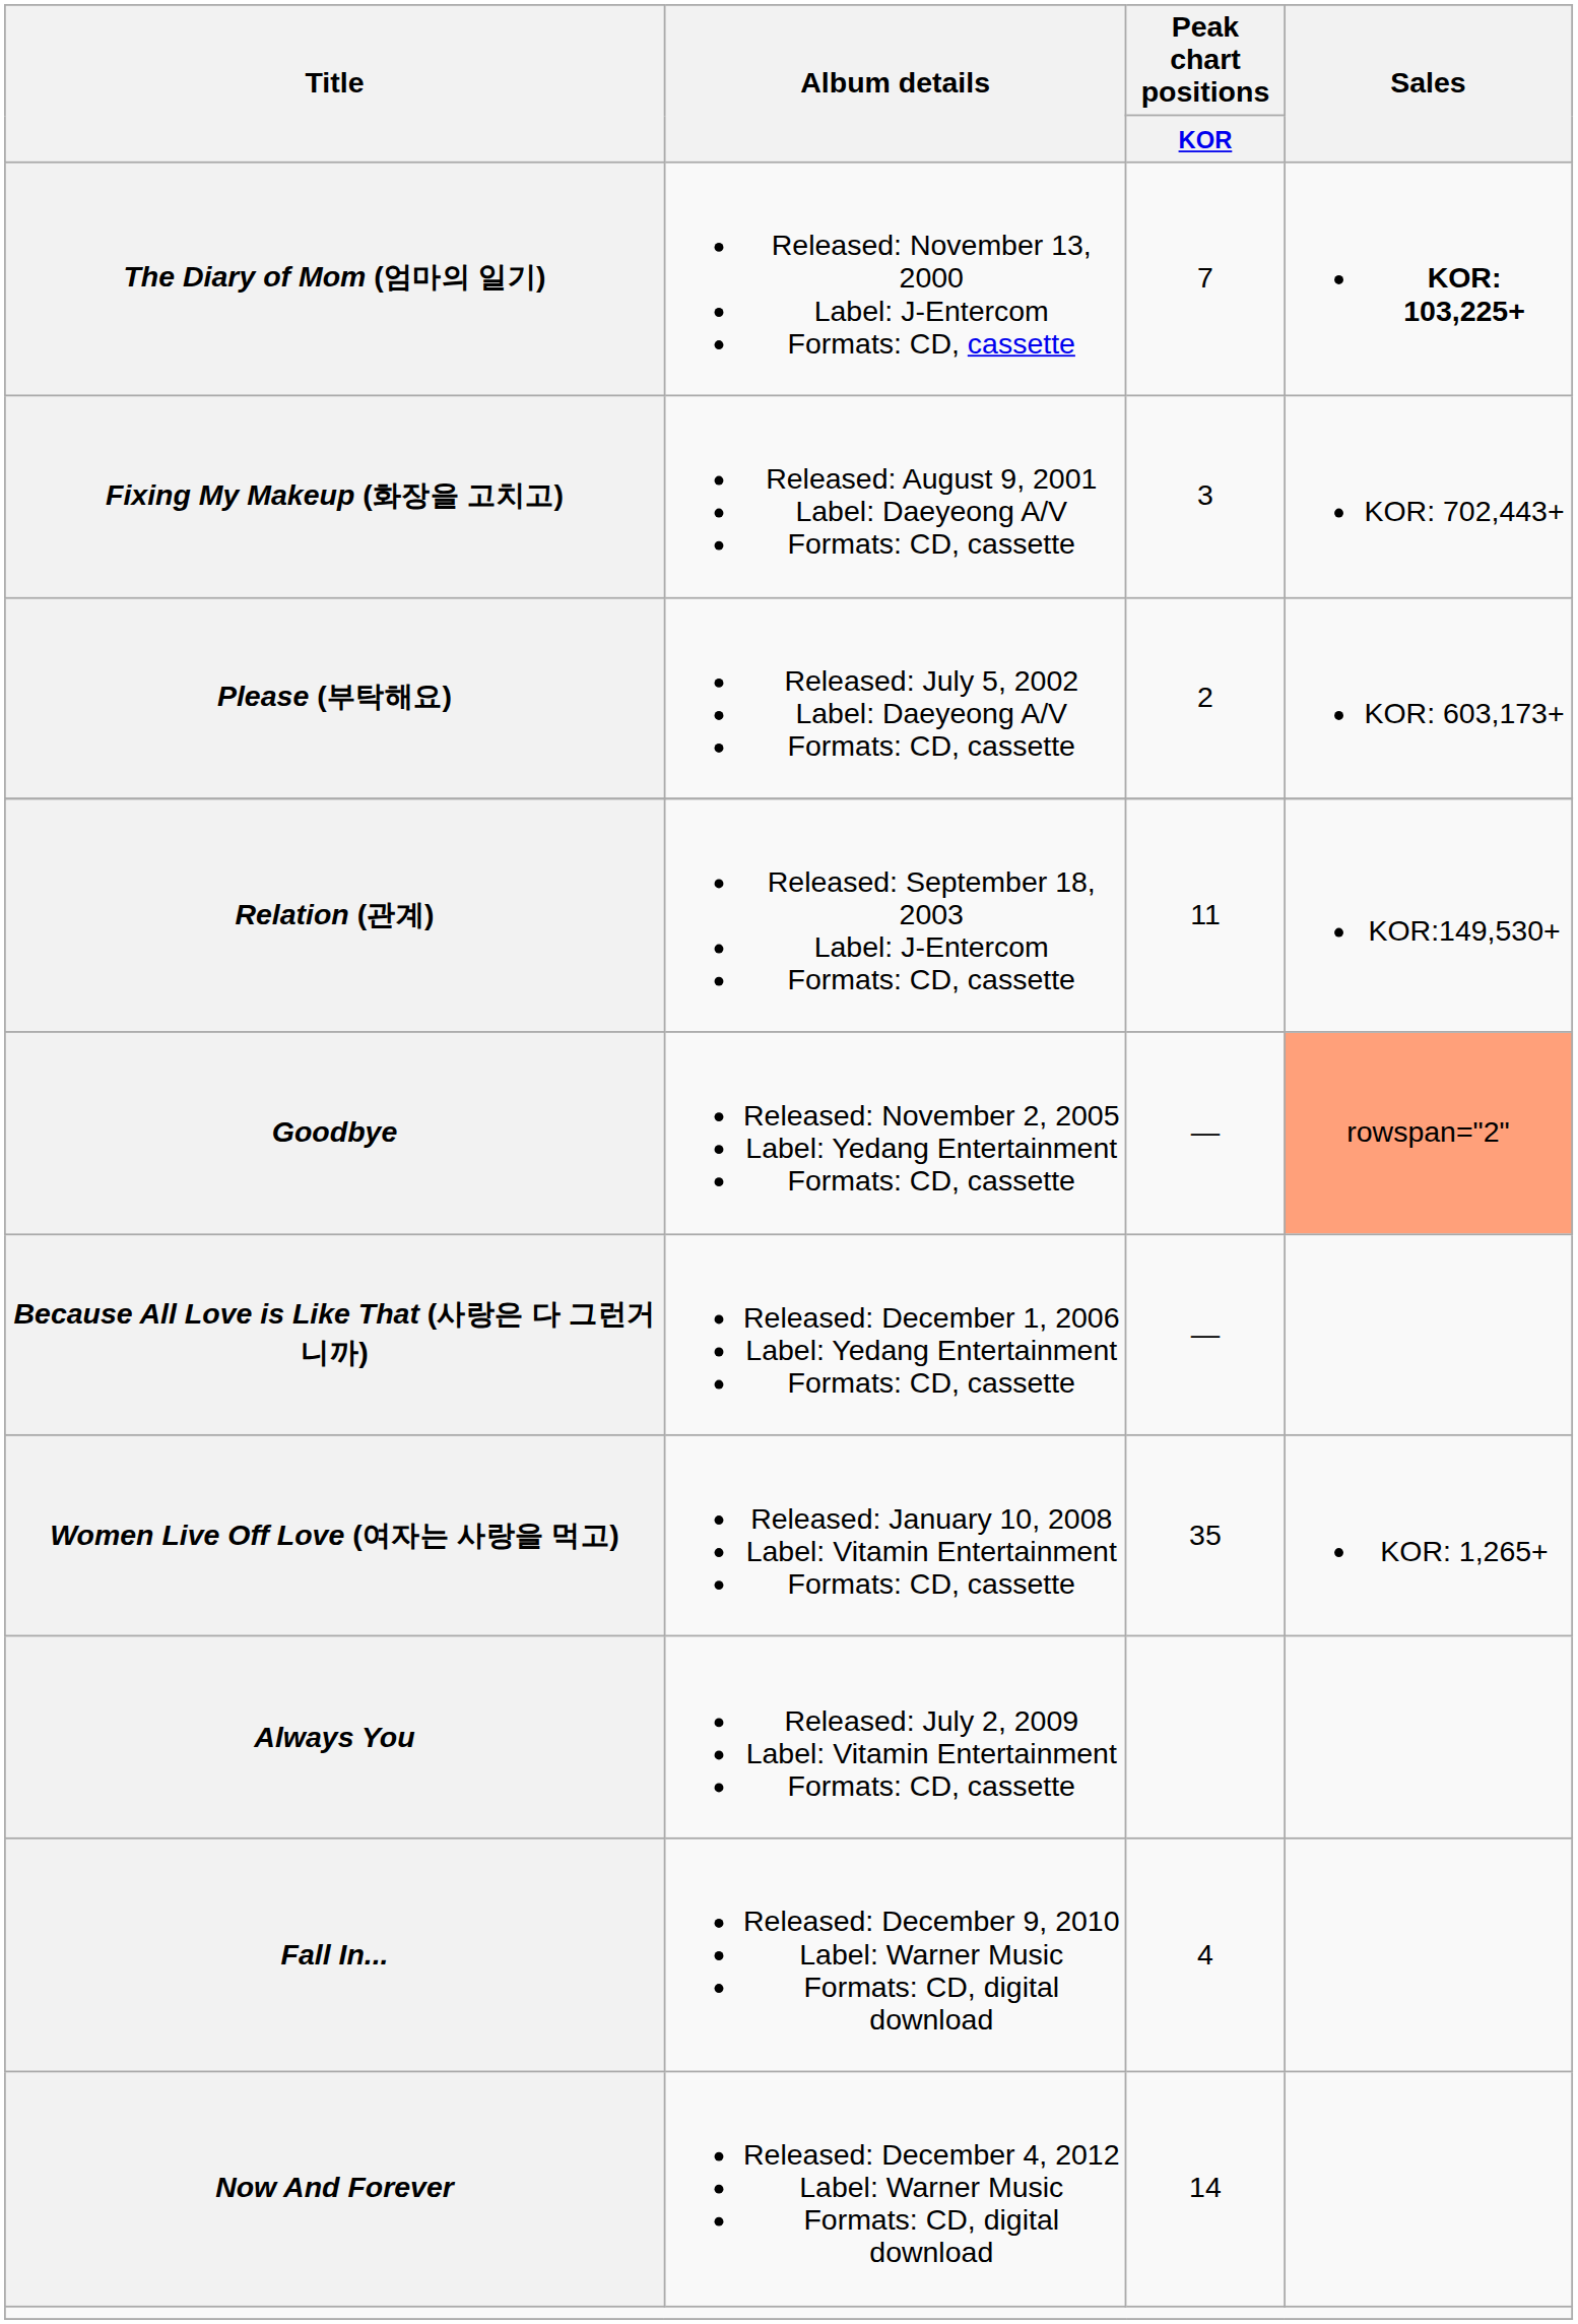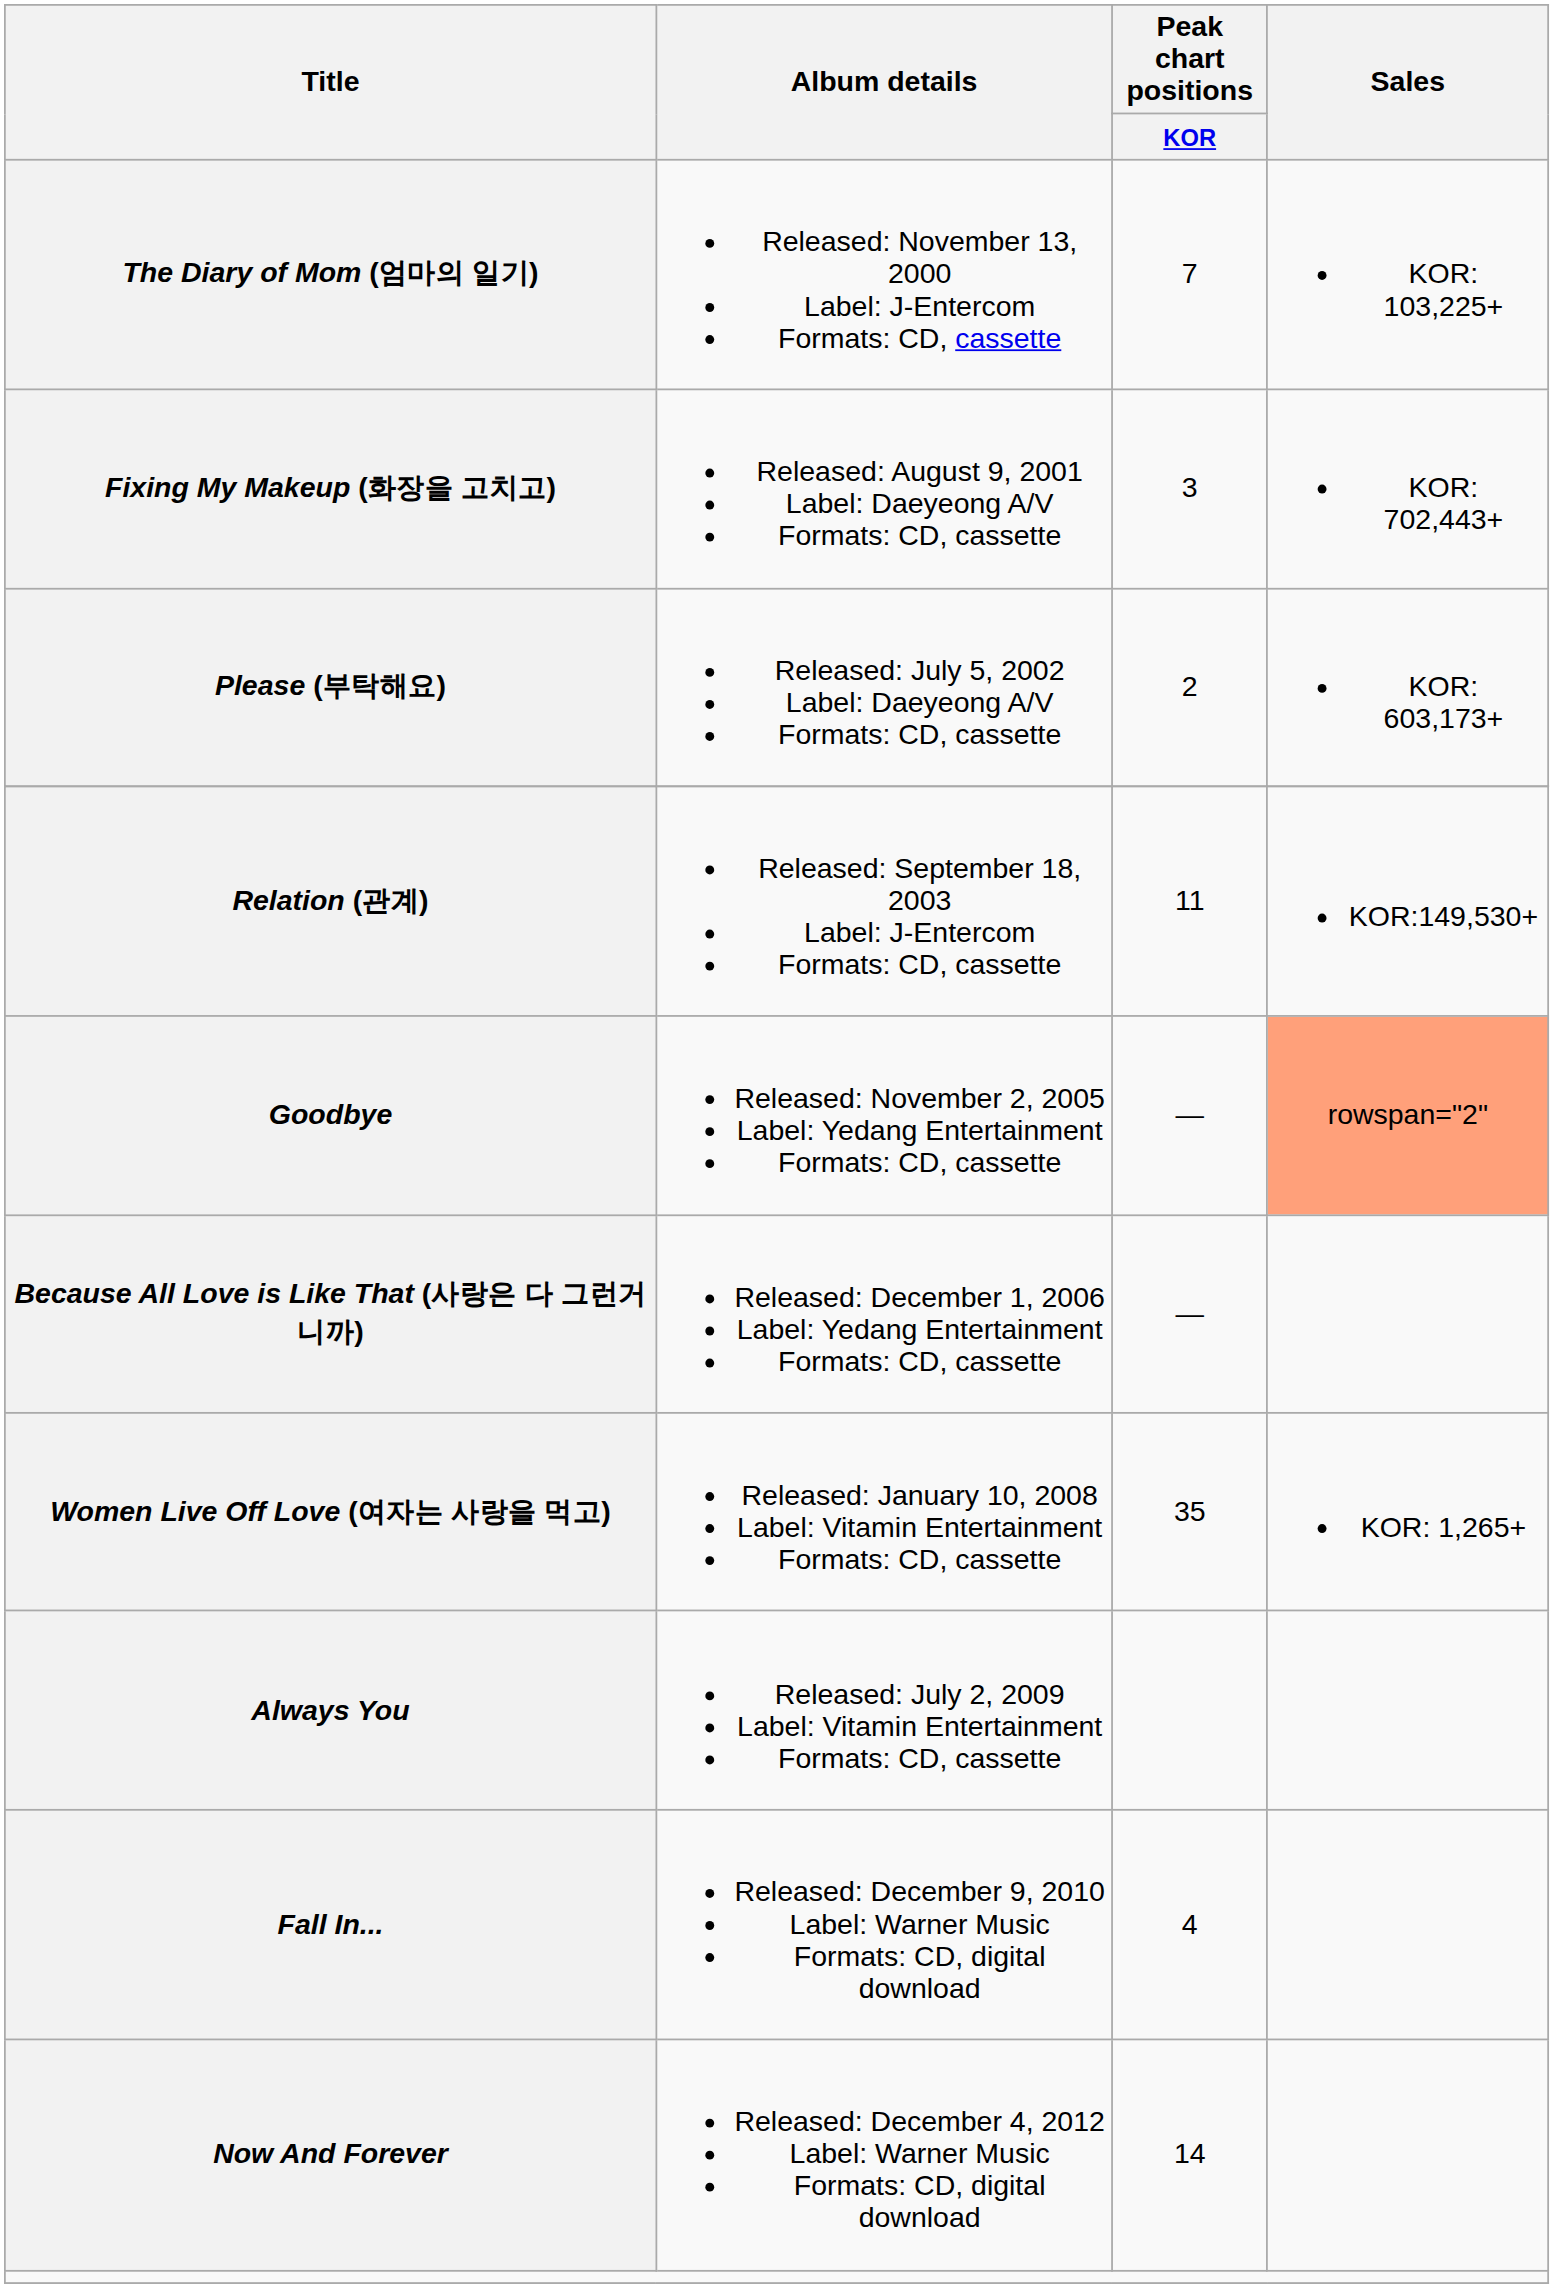 <table class="wikitable plainrowheaders" style="text-align:center;">
 <tr>
 <th scope="col" rowspan="2">Title</th>
 <th scope="col" rowspan="2">Album details</th>
 <th scope="col" colspan="1" style="width:5em;">Peak chart positions</th>
 <th scope="col" rowspan="2">Sales</th>
 </tr>
 <tr>
 <th><small><a href='#'>KOR</a></small><br></th>
 </tr>
 <tr>
 <th scope="row"><em>The Diary of Mom</em> (엄마의 일기)</th>
 <td><br><ul><li>Released: November 13, 2000</li><li>Label: J-Entercom</li><li>Formats: CD, <a href='#'>cassette</a></li></ul></td>
 <td>7</td>
-<td><strong><br><ul><li>KOR: 103,225+</li></ul></strong></td>
+<td><br><ul><li>KOR: 103,225+</li></ul></td>
 </tr>
 <tr>
 <th scope="row"><em>Fixing My Makeup</em> (화장을 고치고)</th>
 <td><br><ul><li>Released: August 9, 2001</li><li>Label: Daeyeong A/V</li><li>Formats: CD, cassette</li></ul></td>
 <td>3</td>
 <td><br><ul><li>KOR: 702,443+</li></ul></td>
 </tr>
 <tr>
 <th scope="row"><em>Please</em> (부탁해요)</th>
 <td><br><ul><li>Released: July 5, 2002</li><li>Label: Daeyeong A/V</li><li>Formats: CD, cassette</li></ul></td>
 <td>2</td>
 <td><br><ul><li>KOR: 603,173+</li></ul></td>
 </tr>
 <tr>
 </tr>
 <tr>
 <th scope="row"><em>Relation</em> (관계)</th>
 <td><br><ul><li>Released: September 18, 2003</li><li>Label: J-Entercom</li><li>Formats: CD, cassette</li></ul></td>
 <td>11</td>
 <td><br><ul><li>KOR:149,530+</li></ul></td>
 </tr>
 <tr>
 <th scope="row"><em>Goodbye</em></th>
 <td><br><ul><li>Released: November 2, 2005</li><li>Label: Yedang Entertainment</li><li>Formats: CD, cassette</li></ul></td>
 <td>—</td>
 <td style="background: lightsalmon;">rowspan="2" </td>
 </tr>
 <tr>
 <th scope="row"><em>Because All Love is Like That</em> (사랑은 다 그런거니까)</th>
 <td><br><ul><li>Released: December 1, 2006</li><li>Label: Yedang Entertainment</li><li>Formats: CD, cassette</li></ul></td>
 <td>—</td>
 </tr>
 <tr>
 <th scope="row"><em>Women Live Off Love</em> (여자는 사랑을 먹고)</th>
 <td><br><ul><li>Released: January 10, 2008</li><li>Label: Vitamin Entertainment</li><li>Formats: CD, cassette</li></ul></td>
 <td>35</td>
 <td><br><ul><li>KOR: 1,265+</li></ul></td>
 </tr>
 <tr>
 <th scope="row"><em>Always You</em></th>
 <td><br><ul><li>Released: July 2, 2009</li><li>Label: Vitamin Entertainment</li><li>Formats: CD, cassette</li></ul></td>
 <td></td>
 <td></td>
 </tr>
 <tr>
 <th scope="row"><em>Fall In...</em></th>
 <td><br><ul><li>Released: December 9, 2010</li><li>Label: Warner Music</li><li>Formats: CD, digital download</li></ul></td>
 <td>4</td>
 <td></td>
 </tr>
 <tr>
 <th scope="row"><em>Now And Forever</em></th>
 <td><br><ul><li>Released: December 4, 2012</li><li>Label: Warner Music</li><li>Formats: CD, digital download</li></ul></td>
 <td>14</td>
 <td></td>
 </tr>
 <tr>
 <td colspan="4"></td>
 </tr>
 <tr>
 </tr>
 </table>
